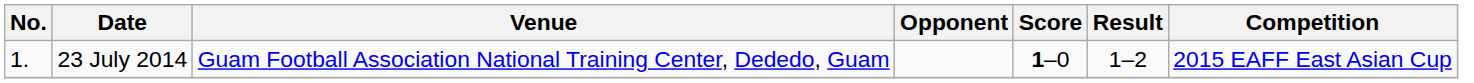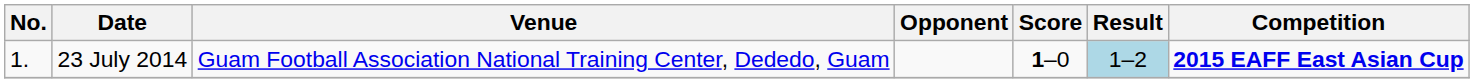 <table class="wikitable">
 <tr>
 <th>No.</th>
 <th>Date</th>
 <th>Venue</th>
 <th>Opponent</th>
 <th>Score</th>
 <th>Result</th>
 <th>Competition</th>
 </tr>
 <tr>
 <td>1.</td>
 <td>23 July 2014</td>
 <td><a href='#'>Guam Football Association National Training Center</a>, <a href='#'>Dededo</a>, <a href='#'>Guam</a></td>
 <td></td>
 <td align=center><strong>1</strong>–0</td>
-<td align=center>1–2</td>
-<td><a href='#'>2015 EAFF East Asian Cup</a></td>
+<td align=center style="background: lightblue;">1–2</td>
+<td><strong><a href='#'>2015 EAFF East Asian Cup</a></strong></td>
 </tr>
 <tr>
 </tr>
 </table>
